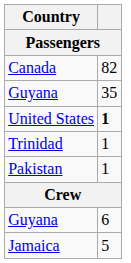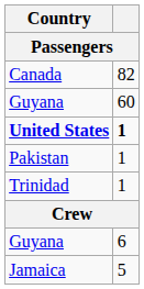 <table class="wikitable" >
 <tr>
 <th>Country</th>
 <th></th>
 </tr>
 <tr>
 <th colspan="2">Passengers</th>
 </tr>
 <tr>
 <td><a href='#'>Canada</a></td>
 <td>82</td>
 </tr>
 <tr>
 <td><a href='#'>Guyana</a></td>
-<td>35</td>
+<td>60</td>
 </tr>
 <tr>
-<td><a href='#'>United States</a></td>
+<td><strong><a href='#'>United States</a></strong></td>
 <td><strong>1</strong></td>
 </tr>
 <tr>
-<td><a href='#'>Trinidad</a></td>
+<td><a href='#'>Pakistan</a></td>
 <td>1</td>
 </tr>
 <tr>
-<td><a href='#'>Pakistan</a></td>
+<td><a href='#'>Trinidad</a></td>
 <td>1</td>
 </tr>
 <tr>
 <th colspan="2">Crew</th>
 </tr>
 <tr>
 <td><a href='#'>Guyana</a></td>
 <td>6</td>
 </tr>
 <tr>
 <td><a href='#'>Jamaica</a></td>
 <td>5</td>
 </tr>
 </table>
